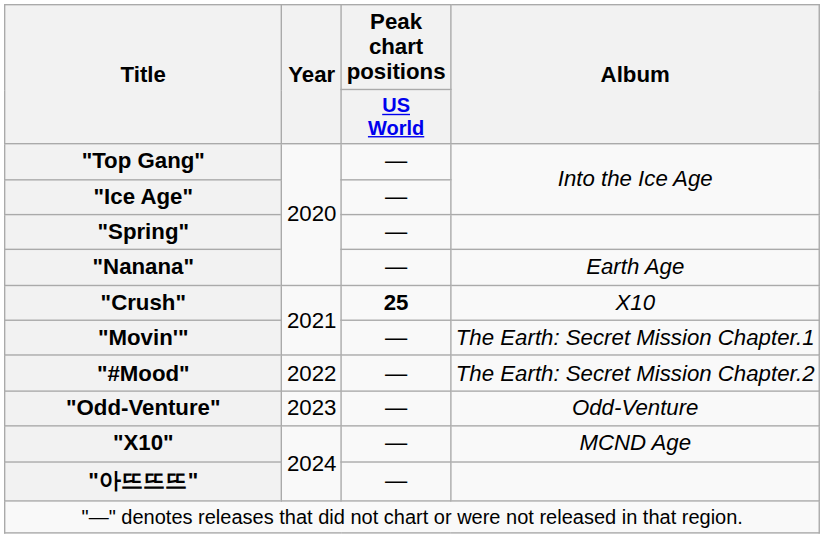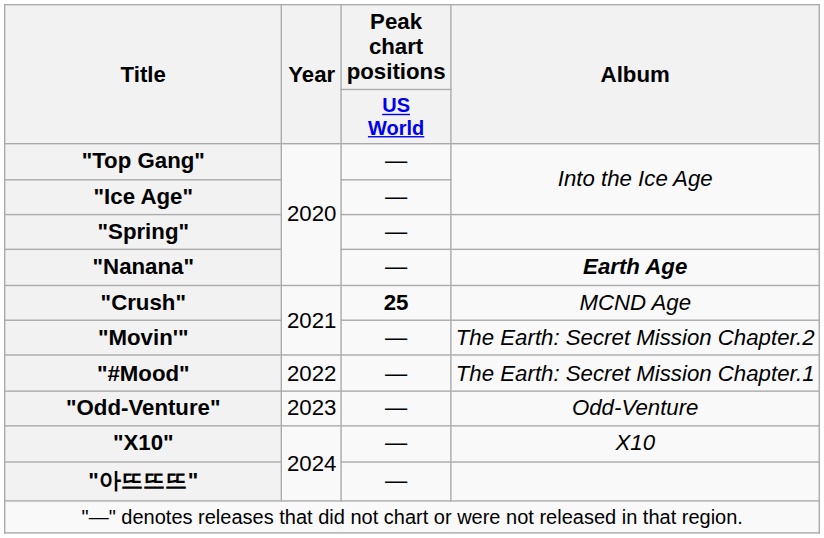 <table class="wikitable plainrowheaders" style="text-align:center;" border="1">
 <tr>
 <th scope="col" rowspan="2" style="width:12em;">Title</th>
 <th scope="col" rowspan="2">Year</th>
 <th>Peak chart positions</th>
 <th scope="col" rowspan="2">Album</th>
 </tr>
 <tr>
 <th style="width:3em;font-size:90%;"><a href='#'>US<br>World</a><br></th>
 </tr>
 <tr>
 <th scope=row>"Top Gang"</th>
 <td rowspan="4">2020</td>
 <td>—</td>
 <td rowspan="2"><em>Into the Ice Age</em></td>
 </tr>
 <tr>
 <th scope=row>"Ice Age"</th>
 <td>—</td>
 </tr>
 <tr>
 <th scope=row>"Spring" </th>
 <td>—</td>
 <td></td>
 </tr>
 <tr>
 <th scope=row>"Nanana"</th>
 <td>—</td>
-<td><em>Earth Age</em></td>
+<td><strong><em>Earth Age</em></strong></td>
 </tr>
 <tr>
 <th scope=row>"Crush" </th>
 <td rowspan="2">2021</td>
 <td><strong>25</strong></td>
-<td><em>X10</em></td>
+<td><em>MCND Age</em></td>
 </tr>
 <tr>
 <th scope=row>"Movin'" </th>
 <td>—</td>
-<td><em>The Earth: Secret Mission Chapter.1</em></td>
+<td><em>The Earth: Secret Mission Chapter.2</em></td>
 </tr>
 <tr>
 <th scope=row>"#Mood"</th>
 <td>2022</td>
 <td>—</td>
-<td><em>The Earth: Secret Mission Chapter.2</em></td>
+<td><em>The Earth: Secret Mission Chapter.1</em></td>
 </tr>
 <tr>
 <th scope="row">"Odd-Venture"</th>
 <td>2023</td>
 <td>—</td>
 <td><em>Odd-Venture</em></td>
 </tr>
 <tr>
 <th scope="row">"X10"</th>
 <td rowspan="2">2024</td>
 <td>—</td>
-<td><em>MCND Age</em></td>
+<td><em>X10</em></td>
 </tr>
 <tr>
 <th scope="row">"아뜨뜨뜨"</th>
 <td>—</td>
 <td></td>
 </tr>
 <tr>
 <td colspan="4" style="font-size:90%">"—" denotes releases that did not chart or were not released in that region.</td>
 </tr>
 </table>
